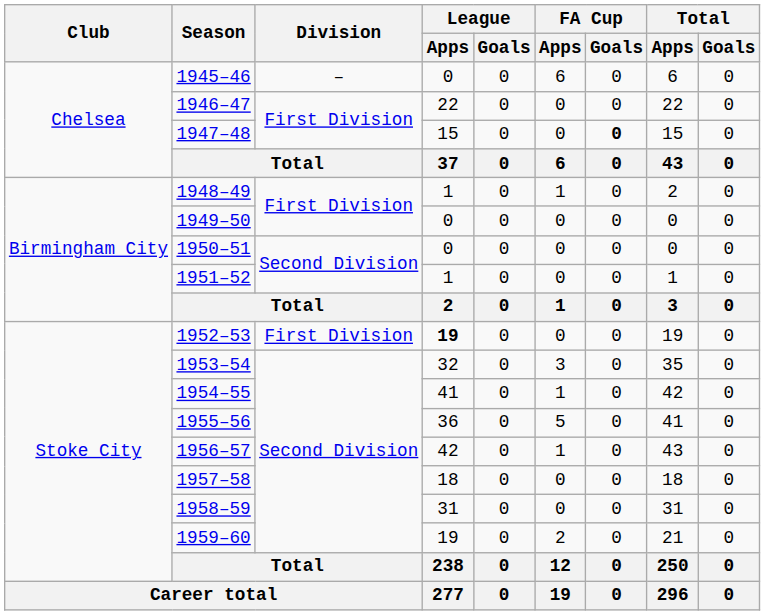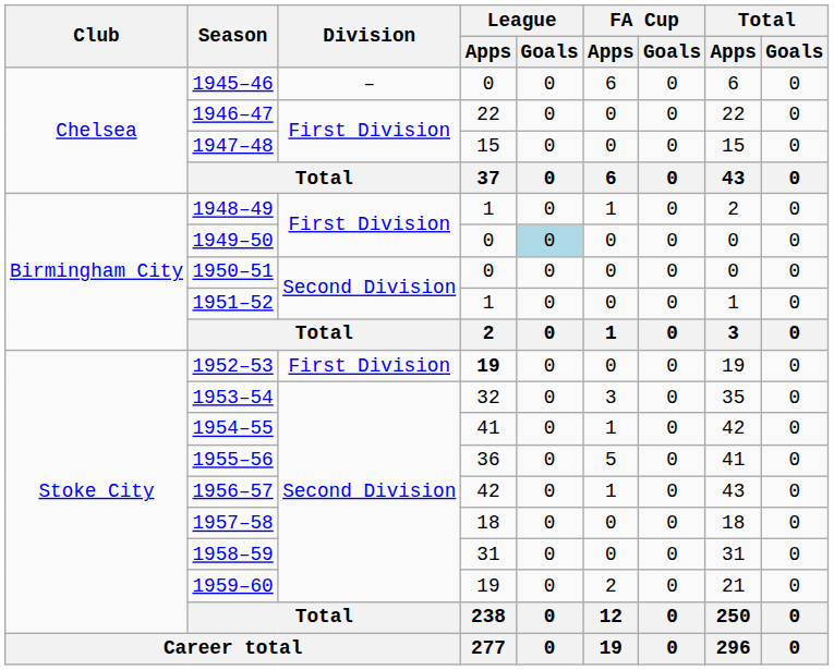 <table class="wikitable" style="text-align: center;">
 <tr>
 <th rowspan="2">Club</th>
 <th rowspan="2">Season</th>
 <th rowspan="2">Division</th>
 <th colspan="2">League</th>
 <th colspan="2">FA Cup</th>
 <th colspan="2">Total</th>
 </tr>
 <tr>
 <th>Apps</th>
 <th>Goals</th>
 <th>Apps</th>
 <th>Goals</th>
 <th>Apps</th>
 <th>Goals</th>
 </tr>
 <tr>
 <td rowspan="4"><a href='#'>Chelsea</a></td>
 <td><a href='#'>1945–46</a></td>
 <td>–</td>
 <td>0</td>
 <td>0</td>
 <td>6</td>
 <td>0</td>
 <td>6</td>
 <td>0</td>
 </tr>
 <tr>
 <td><a href='#'>1946–47</a></td>
 <td rowspan="2"><a href='#'>First Division</a></td>
 <td>22</td>
 <td>0</td>
 <td>0</td>
 <td>0</td>
 <td>22</td>
 <td>0</td>
 </tr>
 <tr>
 <td><a href='#'>1947–48</a></td>
 <td>15</td>
 <td>0</td>
 <td>0</td>
-<td><strong>0</strong></td>
+<td>0</td>
 <td>15</td>
 <td>0</td>
 </tr>
 <tr>
 <th colspan="2">Total</th>
 <th>37</th>
 <th>0</th>
 <th>6</th>
 <th>0</th>
 <th>43</th>
 <th>0</th>
 </tr>
 <tr>
 <td rowspan="5"><a href='#'>Birmingham City</a></td>
 <td><a href='#'>1948–49</a></td>
 <td rowspan="2"><a href='#'>First Division</a></td>
 <td>1</td>
 <td>0</td>
 <td>1</td>
 <td>0</td>
 <td>2</td>
 <td>0</td>
 </tr>
 <tr>
 <td><a href='#'>1949–50</a></td>
 <td>0</td>
-<td>0</td>
+<td style="background: lightblue;">0</td>
 <td>0</td>
 <td>0</td>
 <td>0</td>
 <td>0</td>
 </tr>
 <tr>
 <td><a href='#'>1950–51</a></td>
 <td rowspan="2"><a href='#'>Second Division</a></td>
 <td>0</td>
 <td>0</td>
 <td>0</td>
 <td>0</td>
 <td>0</td>
 <td>0</td>
 </tr>
 <tr>
 <td><a href='#'>1951–52</a></td>
 <td>1</td>
 <td>0</td>
 <td>0</td>
 <td>0</td>
 <td>1</td>
 <td>0</td>
 </tr>
 <tr>
 <th colspan="2">Total</th>
 <th>2</th>
 <th>0</th>
 <th>1</th>
 <th>0</th>
 <th>3</th>
 <th>0</th>
 </tr>
 <tr>
 <td rowspan="9"><a href='#'>Stoke City</a></td>
 <td><a href='#'>1952–53</a></td>
 <td><a href='#'>First Division</a></td>
 <td><strong>19</strong></td>
 <td>0</td>
 <td>0</td>
 <td>0</td>
 <td>19</td>
 <td>0</td>
 </tr>
 <tr>
 <td><a href='#'>1953–54</a></td>
 <td rowspan="7"><a href='#'>Second Division</a></td>
 <td>32</td>
 <td>0</td>
 <td>3</td>
 <td>0</td>
 <td>35</td>
 <td>0</td>
 </tr>
 <tr>
 <td><a href='#'>1954–55</a></td>
 <td>41</td>
 <td>0</td>
 <td>1</td>
 <td>0</td>
 <td>42</td>
 <td>0</td>
 </tr>
 <tr>
 <td><a href='#'>1955–56</a></td>
 <td>36</td>
 <td>0</td>
 <td>5</td>
 <td>0</td>
 <td>41</td>
 <td>0</td>
 </tr>
 <tr>
 <td><a href='#'>1956–57</a></td>
 <td>42</td>
 <td>0</td>
 <td>1</td>
 <td>0</td>
 <td>43</td>
 <td>0</td>
 </tr>
 <tr>
 <td><a href='#'>1957–58</a></td>
 <td>18</td>
 <td>0</td>
 <td>0</td>
 <td>0</td>
 <td>18</td>
 <td>0</td>
 </tr>
 <tr>
 <td><a href='#'>1958–59</a></td>
 <td>31</td>
 <td>0</td>
 <td>0</td>
 <td>0</td>
 <td>31</td>
 <td>0</td>
 </tr>
 <tr>
 <td><a href='#'>1959–60</a></td>
 <td>19</td>
 <td>0</td>
 <td>2</td>
 <td>0</td>
 <td>21</td>
 <td>0</td>
 </tr>
 <tr>
 <th colspan="2">Total</th>
 <th>238</th>
 <th>0</th>
 <th>12</th>
 <th>0</th>
 <th>250</th>
 <th>0</th>
 </tr>
 <tr>
 <th colspan="3">Career total</th>
 <th>277</th>
 <th>0</th>
 <th>19</th>
 <th>0</th>
 <th>296</th>
 <th>0</th>
 </tr>
 </table>
